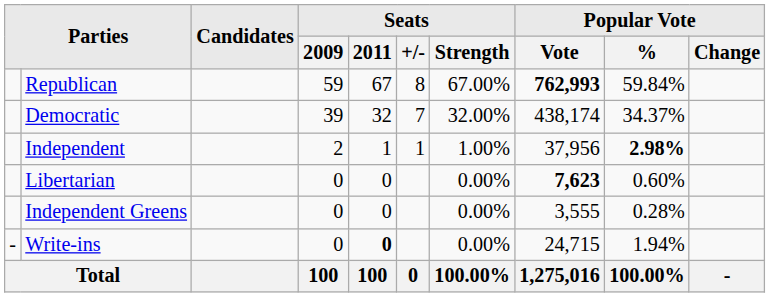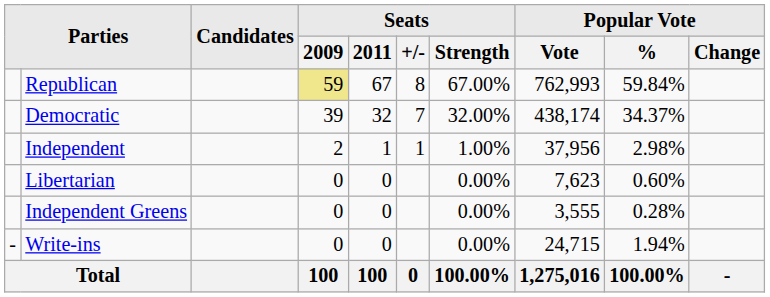 <table class="wikitable">
 <tr>
 <th colspan="2" rowspan="2" align="center" style="background-color:#E9E9E9">Parties</th>
 <th rowspan="2" align="center" style="background-color:#E9E9E9">Candidates</th>
 <th colspan="4" align="center" style="background-color:#E9E9E9">Seats</th>
 <th colspan="3" align="center" style="background-color:#E9E9E9">Popular Vote</th>
 </tr>
 <tr>
 <th align="center">2009</th>
 <th align="center">2011</th>
 <th align="center">+/-</th>
 <th align="center">Strength</th>
 <th align="center">Vote</th>
 <th align="center">%</th>
 <th align="center">Change</th>
 </tr>
 <tr>
 <td></td>
 <td align="left"><a href='#'>Republican</a></td>
 <td align="right"></td>
-<td align="right" >59</td>
+<td align="right"  style="background: khaki;">59</td>
 <td align="right" >67</td>
 <td align="right"> 8</td>
 <td align="right" >67.00%</td>
-<td align="right" ><strong>762,993</strong></td>
+<td align="right" >762,993</td>
 <td align="right" >59.84%</td>
 <td align="right"></td>
 </tr>
 <tr>
 <td></td>
 <td align="left"><a href='#'>Democratic</a></td>
 <td align="right"></td>
 <td align="right">39</td>
 <td align="right">32</td>
 <td align="right"> 7</td>
 <td align="right">32.00%</td>
 <td align="right">438,174</td>
 <td align="right">34.37%</td>
 <td align="right"></td>
 </tr>
 <tr>
 <td></td>
 <td><a href='#'>Independent</a></td>
 <td align="right"></td>
 <td align="right">2</td>
 <td align="right">1</td>
 <td align="right"> 1</td>
 <td align="right">1.00%</td>
 <td align="right">37,956</td>
-<td align="right"><strong>2.98%</strong></td>
+<td align="right">2.98%</td>
 <td align="right"></td>
 </tr>
 <tr>
 <td></td>
 <td><a href='#'>Libertarian</a></td>
 <td align="right"></td>
 <td align="right">0</td>
 <td align="right">0</td>
 <td align="right"></td>
 <td align="right">0.00%</td>
-<td align="right"><strong>7,623</strong></td>
+<td align="right">7,623</td>
 <td align="right">0.60%</td>
 <td align="right"></td>
 </tr>
 <tr>
 <td></td>
 <td><a href='#'>Independent Greens</a></td>
 <td align="right"></td>
 <td align="right">0</td>
 <td align="right">0</td>
 <td align="right"></td>
 <td align="right">0.00%</td>
 <td align="right">3,555</td>
 <td align="right">0.28%</td>
 <td align="right"></td>
 </tr>
 <tr>
 <td>-</td>
 <td><a href='#'>Write-ins</a></td>
 <td align="right"></td>
 <td align="right">0</td>
-<td align="right"><strong>0</strong></td>
+<td align="right">0</td>
 <td align="right"></td>
 <td align="right">0.00%</td>
 <td align="right">24,715</td>
 <td align="right">1.94%</td>
 <td align="right"></td>
 </tr>
 <tr>
 <th colspan="2" align="center">Total</th>
 <th align="center"></th>
 <th align="center">100</th>
 <th align="center">100</th>
 <th align="center">0</th>
 <th align="center">100.00%</th>
 <th align="center">1,275,016</th>
 <th align="center">100.00%</th>
 <th align="center">-</th>
 </tr>
 </table>
